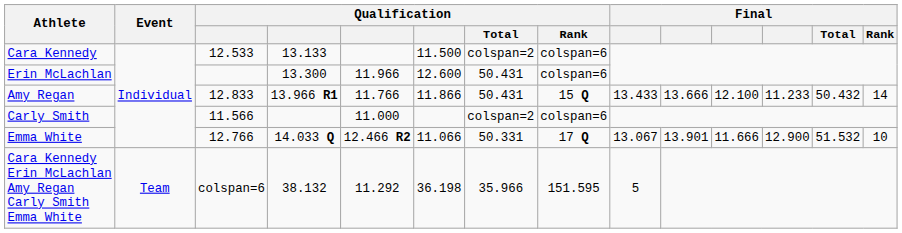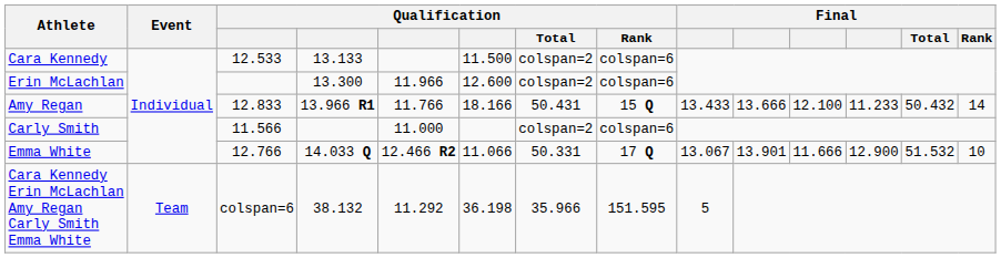 <table class="wikitable" style="font-size:90%">
 <tr>
 <th rowspan=2>Athlete</th>
 <th rowspan=2>Event</th>
 <th colspan =6>Qualification</th>
 <th colspan =6>Final</th>
 </tr>
 <tr style="font-size:95%">
 <th></th>
 <th></th>
 <th></th>
 <th></th>
 <th>Total</th>
 <th>Rank</th>
 <th></th>
 <th></th>
 <th></th>
 <th></th>
 <th>Total</th>
 <th>Rank</th>
 </tr>
 <tr align=center>
 <td align=left><a href='#'>Cara Kennedy</a></td>
 <td style="text-align:left;" rowspan="5"><a href='#'>Individual</a></td>
 <td>12.533</td>
 <td>13.133</td>
 <td></td>
 <td>11.500</td>
 <td>colspan=2 </td>
 <td>colspan=6 </td>
 </tr>
 <tr align=center>
 <td align=left><a href='#'>Erin McLachlan</a></td>
 <td></td>
 <td>13.300</td>
 <td>11.966</td>
 <td>12.600</td>
-<td>50.431</td>
+<td>colspan=2 </td>
 <td>colspan=6 </td>
 </tr>
 <tr align=center>
 <td align=left><a href='#'>Amy Regan</a></td>
 <td>12.833</td>
 <td>13.966 <strong>R1</strong></td>
 <td>11.766</td>
-<td>11.866</td>
+<td>18.166</td>
 <td>50.431</td>
 <td>15 <strong>Q</strong></td>
 <td>13.433</td>
 <td>13.666</td>
 <td>12.100</td>
 <td>11.233</td>
 <td>50.432</td>
 <td>14</td>
 </tr>
 <tr align=center>
 <td align=left><a href='#'>Carly Smith</a></td>
 <td>11.566</td>
 <td></td>
 <td>11.000</td>
 <td></td>
 <td>colspan=2 </td>
 <td>colspan=6 </td>
 </tr>
 <tr align=center>
 <td align=left><a href='#'>Emma White</a></td>
 <td>12.766</td>
 <td>14.033 <strong>Q</strong></td>
 <td>12.466 <strong>R2</strong></td>
 <td>11.066</td>
 <td>50.331</td>
 <td>17 <strong>Q</strong></td>
 <td>13.067</td>
 <td>13.901</td>
 <td>11.666</td>
 <td>12.900</td>
 <td>51.532</td>
 <td>10</td>
 </tr>
 <tr align=center>
 <td align=left><a href='#'>Cara Kennedy</a><br><a href='#'>Erin McLachlan</a><br><a href='#'>Amy Regan</a><br><a href='#'>Carly Smith</a><br><a href='#'>Emma White</a></td>
 <td><a href='#'>Team</a></td>
 <td>colspan=6 </td>
 <td>38.132</td>
 <td>11.292</td>
 <td>36.198</td>
 <td>35.966</td>
 <td>151.595</td>
 <td>5</td>
 </tr>
 </table>
